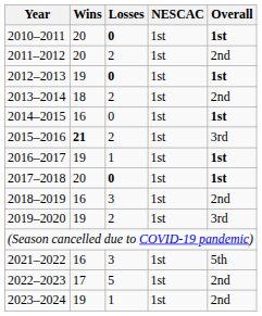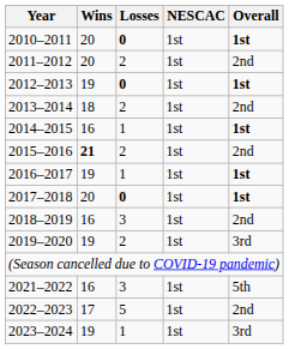 <table class="wikitable">
 <tr>
 <th>Year</th>
 <th>Wins</th>
 <th>Losses</th>
 <th>NESCAC</th>
 <th>Overall</th>
 </tr>
 <tr>
 <td>2010–2011</td>
 <td>20</td>
 <td><strong>0</strong></td>
 <td>1st</td>
 <td><strong>1st</strong></td>
 </tr>
 <tr>
 <td>2011–2012</td>
 <td>20</td>
 <td>2</td>
 <td>1st</td>
 <td>2nd</td>
 </tr>
 <tr>
 <td>2012–2013</td>
 <td>19</td>
 <td><strong>0</strong></td>
 <td>1st</td>
 <td><strong>1st</strong></td>
 </tr>
 <tr>
 <td>2013–2014</td>
 <td>18</td>
 <td>2</td>
 <td>1st</td>
 <td>2nd</td>
 </tr>
 <tr>
 <td>2014–2015</td>
 <td>16</td>
-<td>0</td>
+<td>1</td>
 <td>1st</td>
 <td><strong>1st</strong></td>
 </tr>
 <tr>
 <td>2015–2016</td>
 <td><strong>21</strong></td>
 <td>2</td>
 <td>1st</td>
-<td>3rd</td>
+<td>2nd</td>
 </tr>
 <tr>
 <td>2016–2017</td>
 <td>19</td>
 <td>1</td>
 <td>1st</td>
 <td><strong>1st</strong></td>
 </tr>
 <tr>
 <td>2017–2018</td>
 <td>20</td>
 <td><strong>0</strong></td>
 <td>1st</td>
 <td><strong>1st</strong></td>
 </tr>
 <tr>
 <td>2018–2019</td>
 <td>16</td>
 <td>3</td>
 <td>1st</td>
 <td>2nd</td>
 </tr>
 <tr>
 <td>2019–2020</td>
 <td>19</td>
 <td>2</td>
 <td>1st</td>
 <td>3rd</td>
 </tr>
 <tr>
 <td colspan=5><em>(Season cancelled due to <a href='#'>COVID-19 pandemic</a>)</em></td>
 </tr>
 <tr>
 <td>2021–2022</td>
 <td>16</td>
 <td>3</td>
 <td>1st</td>
 <td>5th</td>
 </tr>
 <tr>
 <td>2022–2023</td>
 <td>17</td>
 <td>5</td>
 <td>1st</td>
 <td>2nd</td>
 </tr>
 <tr>
 <td>2023–2024</td>
 <td>19</td>
 <td>1</td>
 <td>1st</td>
-<td>2nd</td>
+<td>3rd</td>
 </tr>
 </table>
